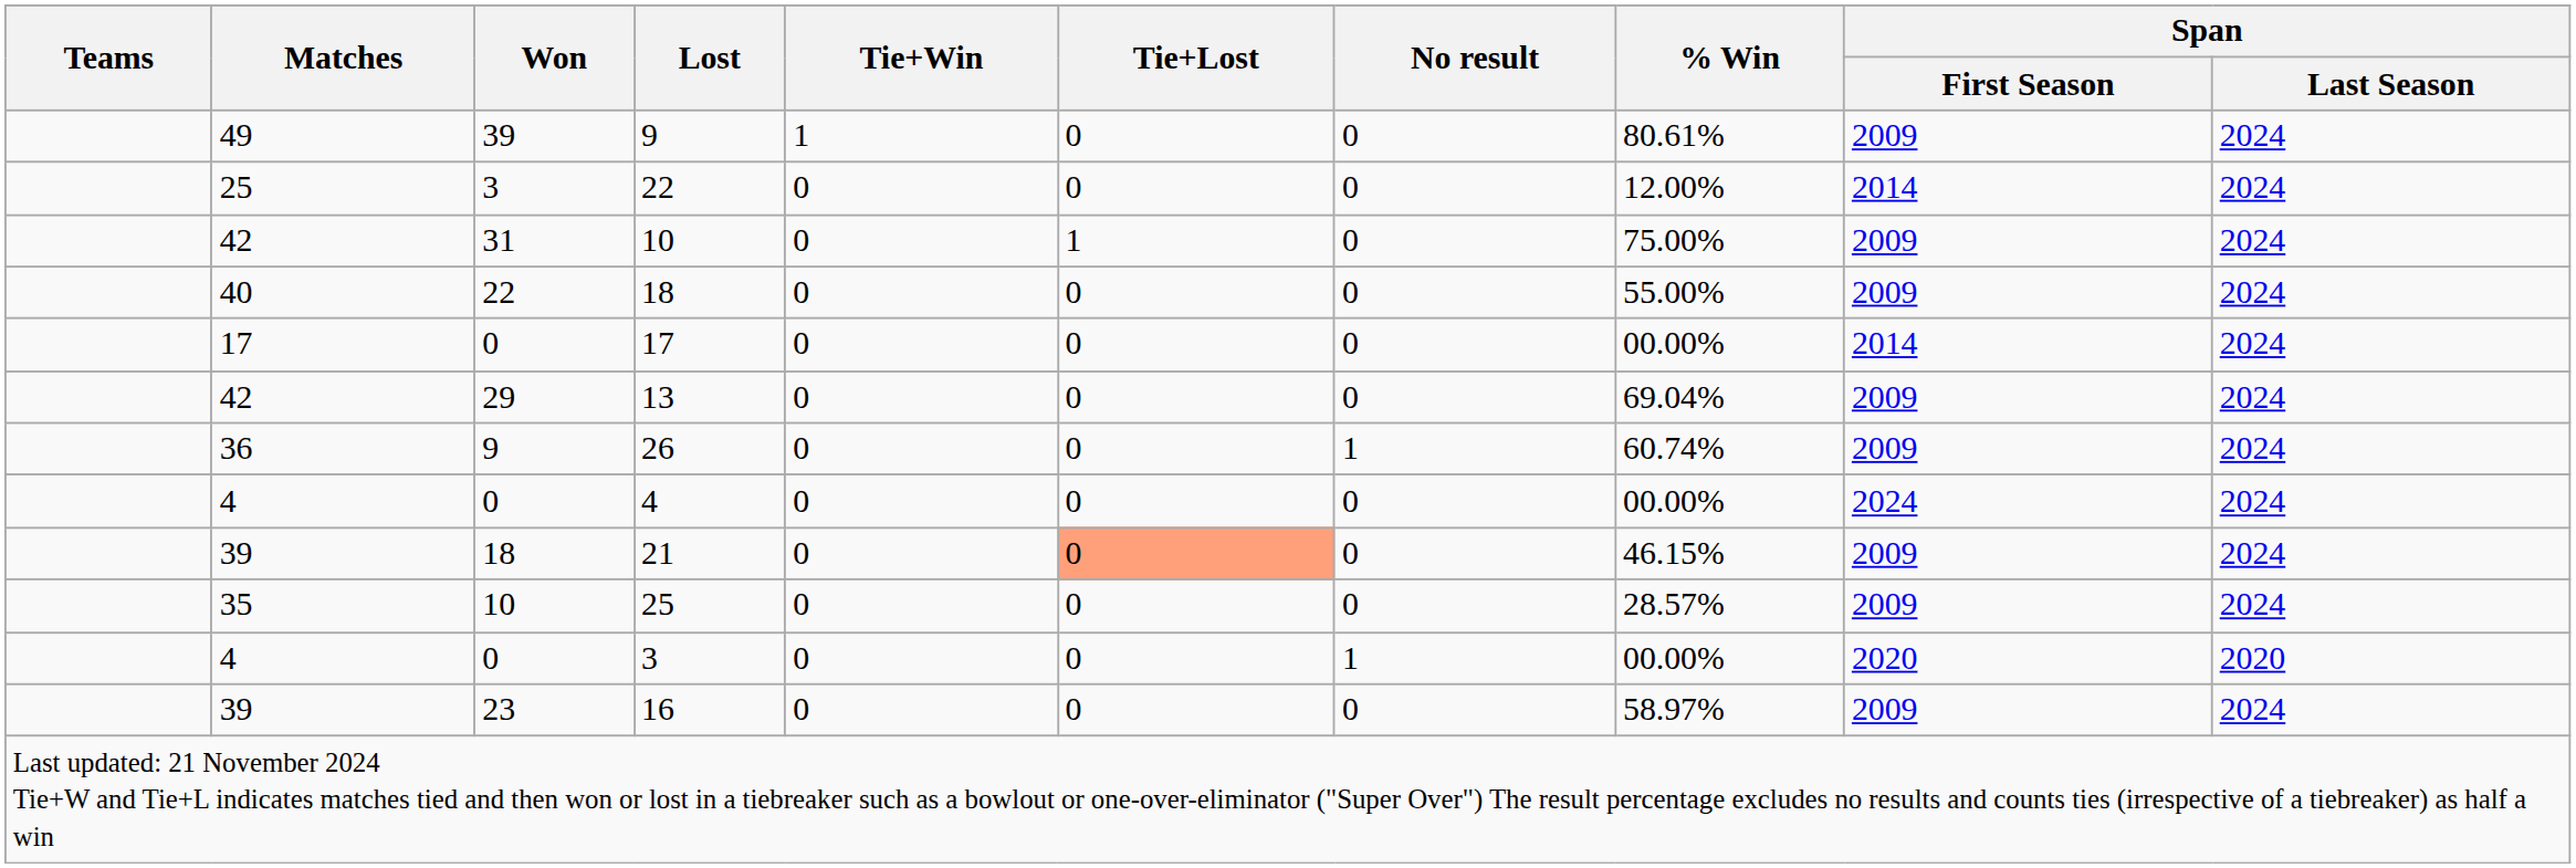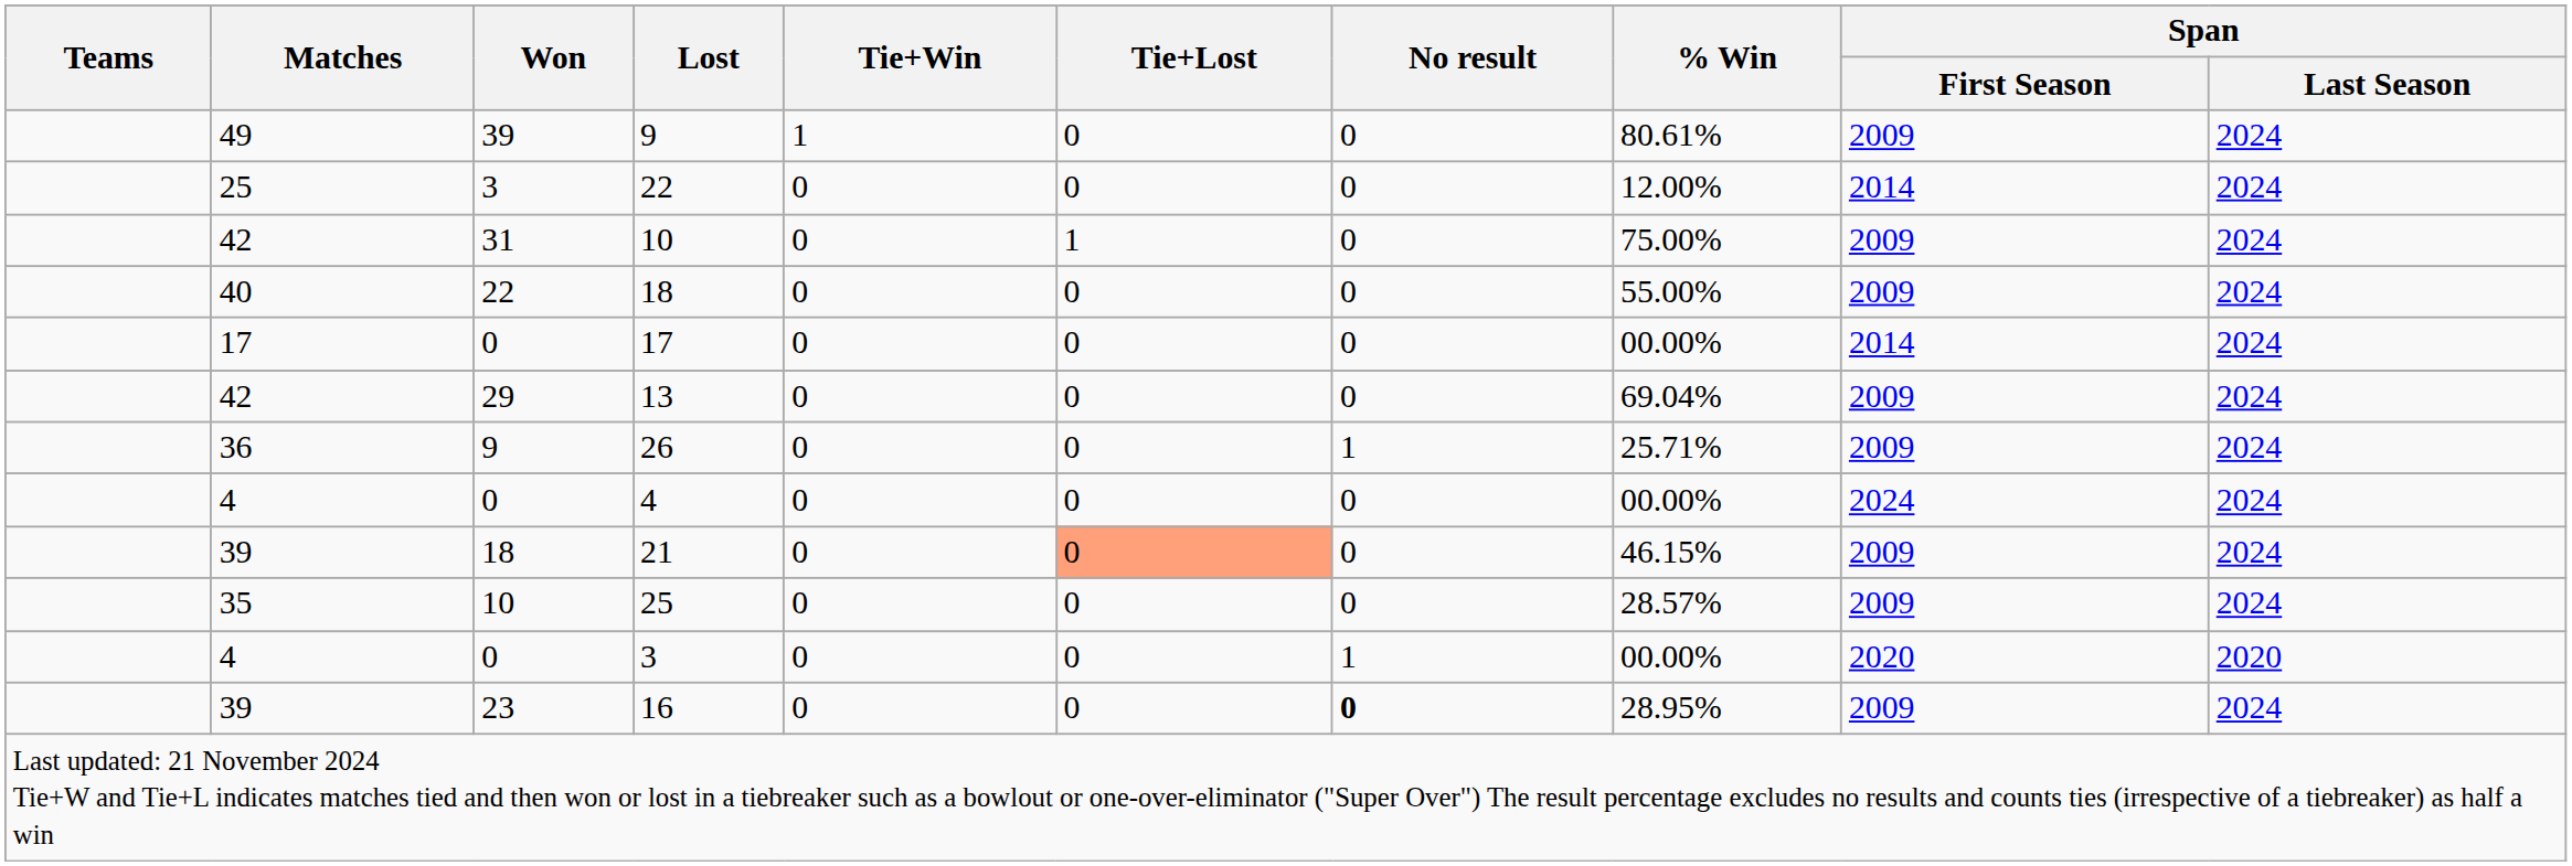 <table class="wikitable sortable">
 <tr>
 <th rowspan="2">Teams</th>
 <th rowspan="2">Matches</th>
 <th rowspan="2">Won</th>
 <th rowspan="2">Lost</th>
 <th rowspan="2">Tie+Win</th>
 <th rowspan="2">Tie+Lost</th>
 <th rowspan="2">No result</th>
 <th rowspan="2">% Win</th>
 <th colspan="2">Span</th>
 </tr>
 <tr>
 <th>First Season</th>
 <th>Last Season</th>
 </tr>
 <tr>
 <td style="text-align:left;"></td>
 <td>49</td>
 <td>39</td>
 <td>9</td>
 <td>1</td>
 <td>0</td>
 <td>0</td>
 <td>80.61%</td>
 <td><a href='#'>2009</a></td>
 <td><a href='#'>2024</a></td>
 </tr>
 <tr>
 <td style="text-align:left;"></td>
 <td>25</td>
 <td>3</td>
 <td>22</td>
 <td>0</td>
 <td>0</td>
 <td>0</td>
 <td>12.00%</td>
 <td><a href='#'>2014</a></td>
 <td><a href='#'>2024</a></td>
 </tr>
 <tr>
 <td style="text-align:left;"></td>
 <td>42</td>
 <td>31</td>
 <td>10</td>
 <td>0</td>
 <td>1</td>
 <td>0</td>
 <td>75.00%</td>
 <td><a href='#'>2009</a></td>
 <td><a href='#'>2024</a></td>
 </tr>
 <tr>
 <td style="text-align:left;"></td>
 <td>40</td>
 <td>22</td>
 <td>18</td>
 <td>0</td>
 <td>0</td>
 <td>0</td>
 <td>55.00%</td>
 <td><a href='#'>2009</a></td>
 <td><a href='#'>2024</a></td>
 </tr>
 <tr>
 <td style="text-align:left;"></td>
 <td>17</td>
 <td>0</td>
 <td>17</td>
 <td>0</td>
 <td>0</td>
 <td>0</td>
 <td>00.00%</td>
 <td><a href='#'>2014</a></td>
 <td><a href='#'>2024</a></td>
 </tr>
 <tr>
 <td style="text-align:left;"></td>
 <td>42</td>
 <td>29</td>
 <td>13</td>
 <td>0</td>
 <td>0</td>
 <td>0</td>
 <td>69.04%</td>
 <td><a href='#'>2009</a></td>
 <td><a href='#'>2024</a></td>
 </tr>
 <tr>
 <td style="text-align:left;"></td>
 <td>36</td>
 <td>9</td>
 <td>26</td>
 <td>0</td>
 <td>0</td>
 <td>1</td>
-<td>60.74%</td>
+<td>25.71%</td>
 <td><a href='#'>2009</a></td>
 <td><a href='#'>2024</a></td>
 </tr>
 <tr>
 <td style="text-align:left;"></td>
 <td>4</td>
 <td>0</td>
 <td>4</td>
 <td>0</td>
 <td>0</td>
 <td>0</td>
 <td>00.00%</td>
 <td><a href='#'>2024</a></td>
 <td><a href='#'>2024</a></td>
 </tr>
 <tr>
 <td style="text-align:left;"></td>
 <td>39</td>
 <td>18</td>
 <td>21</td>
 <td>0</td>
 <td style="background: lightsalmon;">0</td>
 <td>0</td>
 <td>46.15%</td>
 <td><a href='#'>2009</a></td>
 <td><a href='#'>2024</a></td>
 </tr>
 <tr>
 <td style="text-align:left;"></td>
 <td>35</td>
 <td>10</td>
 <td>25</td>
 <td>0</td>
 <td>0</td>
 <td>0</td>
 <td>28.57%</td>
 <td><a href='#'>2009</a></td>
 <td><a href='#'>2024</a></td>
 </tr>
 <tr>
 <td style="text-align:left;"></td>
 <td>4</td>
 <td>0</td>
 <td>3</td>
 <td>0</td>
 <td>0</td>
 <td>1</td>
 <td>00.00%</td>
 <td><a href='#'>2020</a></td>
 <td><a href='#'>2020</a></td>
 </tr>
 <tr>
 <td style="text-align:left;"></td>
 <td>39</td>
 <td>23</td>
 <td>16</td>
 <td>0</td>
 <td>0</td>
-<td>0</td>
-<td>58.97%</td>
+<td><strong>0</strong></td>
+<td>28.95%</td>
 <td><a href='#'>2009</a></td>
 <td><a href='#'>2024</a></td>
 </tr>
 <tr class="sortbottom">
 <td colspan="10"><small>Last updated: 21 November 2024</small><br><small>Tie+W and Tie+L indicates matches tied and then won or lost in a tiebreaker such as a bowlout or one-over-eliminator ("Super Over") The result percentage excludes no results and counts ties (irrespective of a tiebreaker) as half a win</small></td>
 </tr>
 </table>
